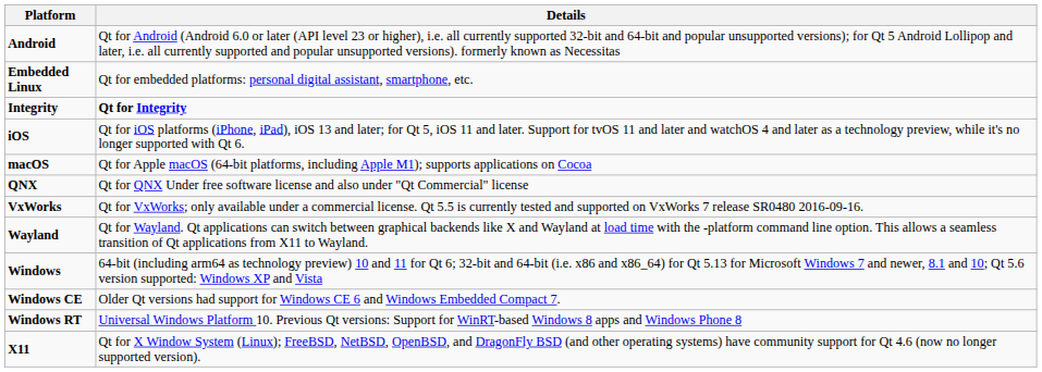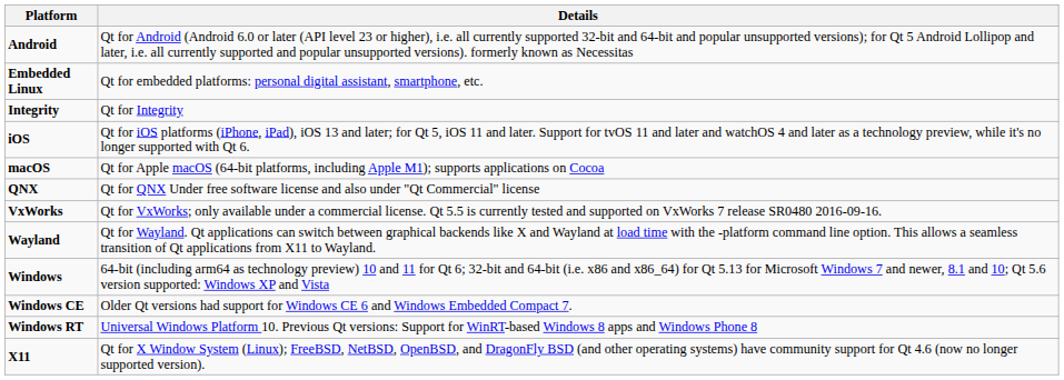 <table class="wikitable">
 <tr>
 <th>Platform</th>
 <th>Details</th>
 </tr>
 <tr>
 <td><strong>Android</strong></td>
 <td>Qt for <a href='#'>Android</a> (Android 6.0 or later (API level 23 or higher), i.e. all currently supported 32-bit and 64-bit and popular unsupported versions); for Qt 5 Android Lollipop and later, i.e. all currently supported and popular unsupported versions). formerly known as Necessitas</td>
 </tr>
 <tr>
 <td><strong>Embedded Linux</strong></td>
 <td>Qt for embedded platforms: <a href='#'>personal digital assistant</a>, <a href='#'>smartphone</a>, etc.</td>
 </tr>
 <tr>
 <td><strong>Integrity</strong></td>
-<td><strong>Qt for <a href='#'>Integrity</a></strong></td>
+<td>Qt for <a href='#'>Integrity</a></td>
 </tr>
 <tr>
 <td><strong>iOS</strong></td>
 <td>Qt for <a href='#'>iOS</a> platforms (<a href='#'>iPhone</a>, <a href='#'>iPad</a>), iOS 13 and later; for Qt 5, iOS 11 and later. Support for tvOS 11 and later and watchOS 4 and later as a technology preview, while it's no longer supported with Qt 6.</td>
 </tr>
 <tr>
 <td><strong>macOS</strong></td>
 <td>Qt for Apple <a href='#'>macOS</a> (64-bit platforms, including <a href='#'>Apple M1</a>); supports applications on <a href='#'>Cocoa</a></td>
 </tr>
 <tr>
 <td><strong>QNX</strong></td>
 <td>Qt for <a href='#'>QNX</a> Under free software license and also under "Qt Commercial" license</td>
 </tr>
 <tr>
 <td><strong>VxWorks</strong></td>
 <td>Qt for <a href='#'>VxWorks</a>; only available under a commercial license. Qt 5.5 is currently tested and supported on VxWorks 7 release SR0480 2016-09-16.</td>
 </tr>
 <tr>
 <td><strong>Wayland</strong></td>
 <td>Qt for <a href='#'>Wayland</a>. Qt applications can switch between graphical backends like X and Wayland at <a href='#'>load time</a> with the -platform command line option. This allows a seamless transition of Qt applications from X11 to Wayland.</td>
 </tr>
 <tr>
 <td><strong>Windows</strong></td>
 <td>64-bit (including arm64 as technology preview) <a href='#'>10</a> and <a href='#'>11</a> for Qt 6; 32-bit and 64-bit (i.e. x86 and x86_64) for Qt 5.13 for Microsoft <a href='#'>Windows 7</a> and newer, <a href='#'>8.1</a> and <a href='#'>10</a>; Qt 5.6 version supported: <a href='#'>Windows XP</a> and <a href='#'>Vista</a></td>
 </tr>
 <tr .>
 <td><strong>Windows CE</strong></td>
 <td>Older Qt versions had support for <a href='#'>Windows CE 6</a> and <a href='#'>Windows Embedded Compact 7</a>.</td>
 </tr>
 <tr>
 <td><strong>Windows RT</strong></td>
 <td><a href='#'>Universal Windows Platform </a>10. Previous Qt versions: Support for <a href='#'>WinRT</a>-based <a href='#'>Windows 8</a> apps and <a href='#'>Windows Phone 8</a></td>
 </tr>
 <tr>
 <td><strong>X11</strong></td>
 <td>Qt for <a href='#'>X Window System</a> (<a href='#'>Linux</a>); <a href='#'>FreeBSD</a>, <a href='#'>NetBSD</a>, <a href='#'>OpenBSD</a>, and <a href='#'>DragonFly BSD</a> (and other operating systems) have community support for Qt 4.6 (now no longer supported version).</td>
 </tr>
 </table>
